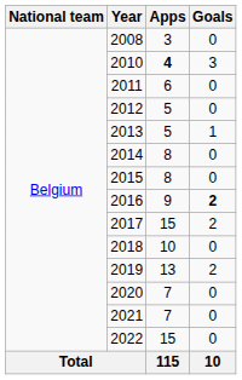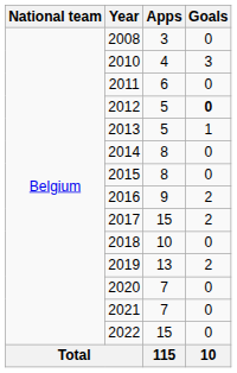 <table class="wikitable" style="text-align:center">
 <tr>
 <th>National team</th>
 <th>Year</th>
 <th>Apps</th>
 <th>Goals</th>
 </tr>
 <tr>
 <td rowspan=14><a href='#'>Belgium</a></td>
 <td>2008</td>
 <td>3</td>
 <td>0</td>
 </tr>
 <tr>
 <td>2010</td>
-<td><strong>4</strong></td>
+<td>4</td>
 <td>3</td>
 </tr>
 <tr>
 <td>2011</td>
 <td>6</td>
 <td>0</td>
 </tr>
 <tr>
 <td>2012</td>
 <td>5</td>
-<td>0</td>
+<td><strong>0</strong></td>
 </tr>
 <tr>
 <td>2013</td>
 <td>5</td>
 <td>1</td>
 </tr>
 <tr>
 <td>2014</td>
 <td>8</td>
 <td>0</td>
 </tr>
 <tr>
 <td>2015</td>
 <td>8</td>
 <td>0</td>
 </tr>
 <tr>
 <td>2016</td>
 <td>9</td>
-<td><strong>2</strong></td>
+<td>2</td>
 </tr>
 <tr>
 <td>2017</td>
 <td>15</td>
 <td>2</td>
 </tr>
 <tr>
 <td>2018</td>
 <td>10</td>
 <td>0</td>
 </tr>
 <tr>
 <td>2019</td>
 <td>13</td>
 <td>2</td>
 </tr>
 <tr>
 <td>2020</td>
 <td>7</td>
 <td>0</td>
 </tr>
 <tr>
 <td>2021</td>
 <td>7</td>
 <td>0</td>
 </tr>
 <tr>
 <td>2022</td>
 <td>15</td>
 <td>0</td>
 </tr>
 <tr>
 <th colspan=2>Total</th>
 <th>115</th>
 <th>10</th>
 </tr>
 </table>
